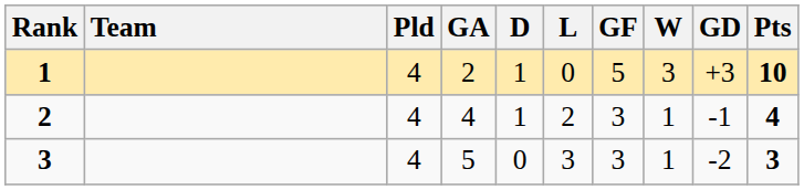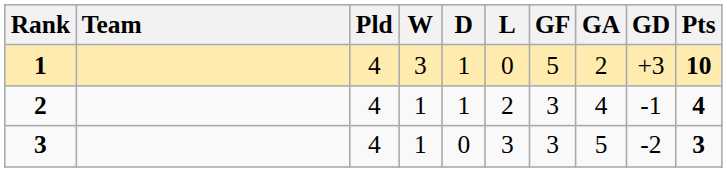 <table class="wikitable" style="text-align: center;">
 <tr>
 <th width=30>Rank</th>
 <th width=165 style="text-align:left;">Team</th>
 <th width=20>Pld</th>
-<th width=20>GA</th>
+<th width=20>W</th>
 <th width=20>D</th>
 <th width=20>L</th>
 <th width=20>GF</th>
-<th width=20>W</th>
+<th width=20>GA</th>
 <th width=20>GD</th>
 <th width=20>Pts</th>
 </tr>
 <tr style="background:#ffebad;">
 <td><strong>1</strong></td>
 <td style="text-align:left;"></td>
 <td>4</td>
-<td>2</td>
+<td>3</td>
 <td>1</td>
 <td>0</td>
 <td>5</td>
-<td>3</td>
+<td>2</td>
 <td>+3</td>
 <td><strong>10</strong></td>
 </tr>
 <tr>
 <td><strong>2</strong></td>
 <td style="text-align:left;"></td>
 <td>4</td>
-<td>4</td>
+<td>1</td>
 <td>1</td>
 <td>2</td>
 <td>3</td>
-<td>1</td>
+<td>4</td>
 <td>-1</td>
 <td><strong>4</strong></td>
 </tr>
 <tr>
 <td><strong>3</strong></td>
 <td style="text-align:left;"></td>
 <td>4</td>
-<td>5</td>
+<td>1</td>
 <td>0</td>
 <td>3</td>
 <td>3</td>
-<td>1</td>
+<td>5</td>
 <td>-2</td>
 <td><strong>3</strong></td>
 </tr>
 </table>
